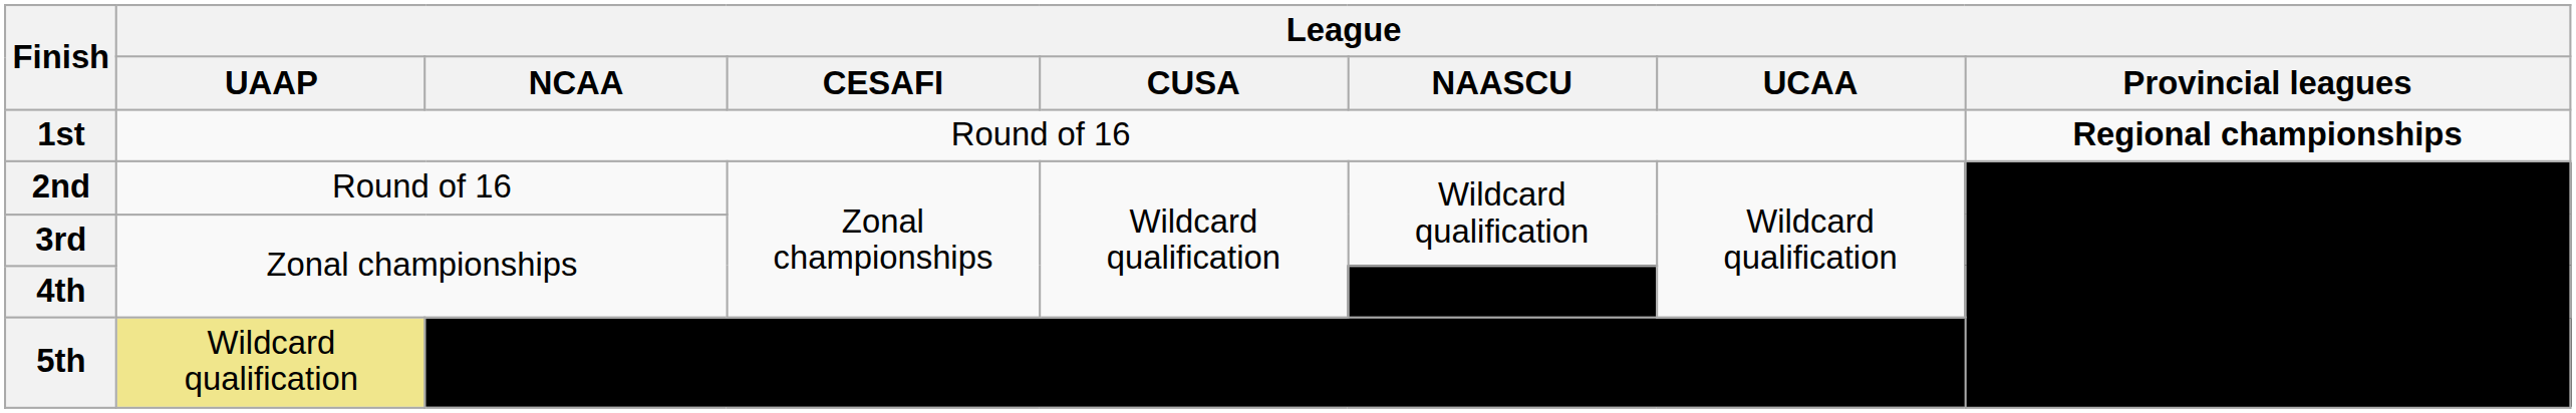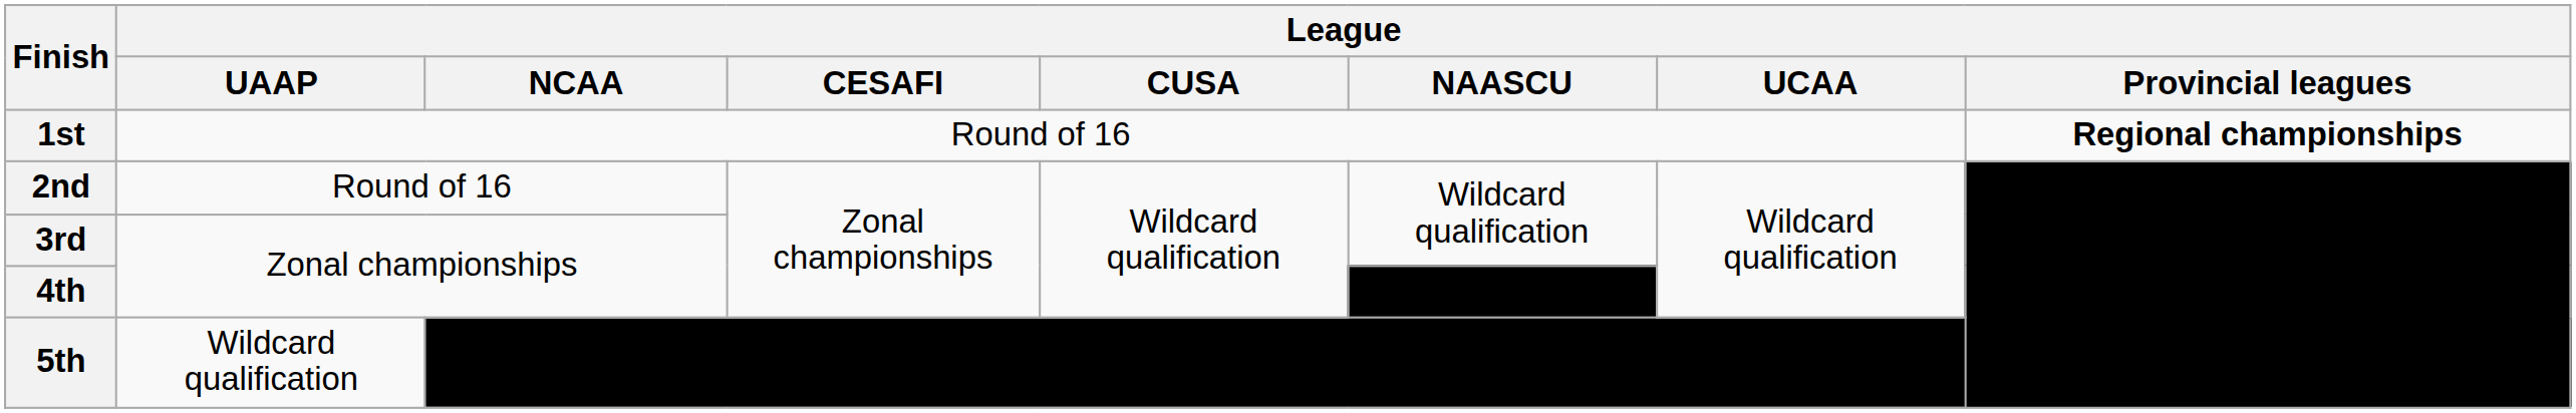 <table class=wikitable style="text-align:center;">
 <tr>
 <th rowspan=2>Finish</th>
 <th colspan=8>League</th>
 </tr>
 <tr>
 <th width=12.5%>UAAP</th>
 <th width=12.5%>NCAA</th>
 <th width=12.5%>CESAFI</th>
 <th width=12.5%>CUSA</th>
 <th width=12.5%>NAASCU</th>
 <th width=12.5%>UCAA</th>
 <th width=25%>Provincial leagues</th>
 </tr>
 <tr>
 <th>1st</th>
 <td colspan=6>Round of 16</td>
 <td><strong>Regional championships</strong></td>
 </tr>
 <tr>
 <th>2nd</th>
 <td colspan=2>Round of 16</td>
 <td rowspan=3>Zonal championships</td>
 <td rowspan=3>Wildcard qualification</td>
 <td rowspan=2>Wildcard qualification</td>
 <td rowspan=3>Wildcard qualification</td>
 <td rowspan=4 bgcolor=black></td>
 </tr>
 <tr>
 <th>3rd</th>
 <td colspan=2 rowspan=2>Zonal championships</td>
 </tr>
 <tr>
 <th>4th</th>
 <td bgcolor=black></td>
 </tr>
 <tr>
 <th>5th</th>
-<td style="background: khaki;">Wildcard<br>qualification</td>
+<td>Wildcard<br>qualification</td>
 <td colspan=6 bgcolor=black></td>
 </tr>
 </table>
